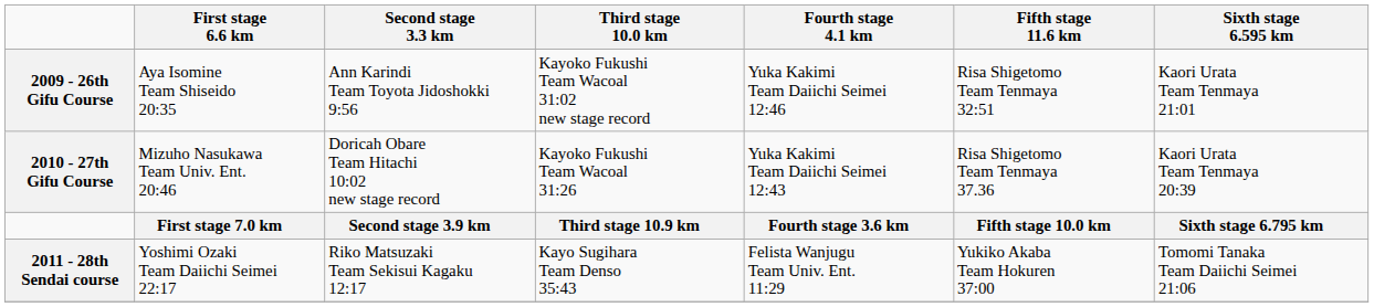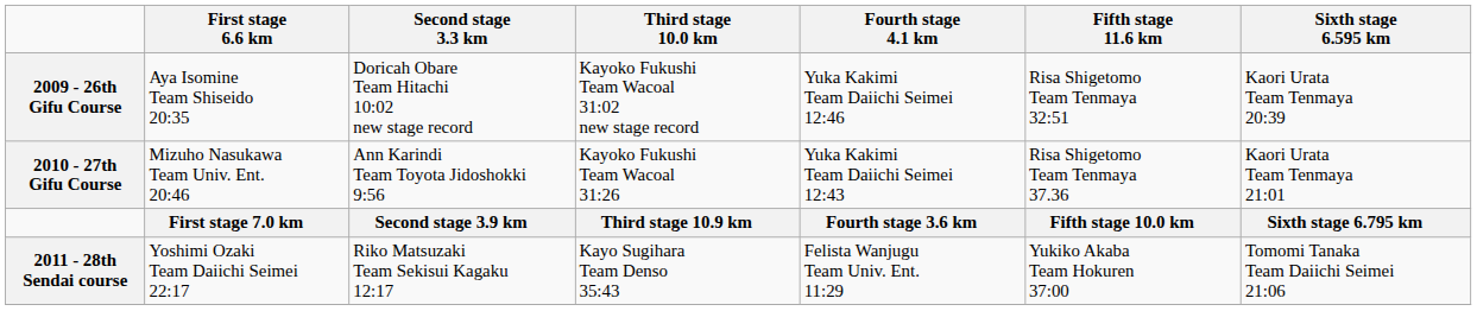 <table class="wikitable" style="text-align:left; width:105%; align:top;">
 <tr>
 <td></td>
 <th scope="col">First stage<br>6.6 km</th>
 <th scope="col">Second stage<br>3.3 km</th>
 <th scope="col">Third stage<br>10.0 km</th>
 <th scope="col">Fourth stage<br>4.1 km</th>
 <th scope="col">Fifth stage<br>11.6 km</th>
 <th scope="col">Sixth stage<br>6.595 km</th>
 </tr>
 <tr>
 <th scope="row">2009 - 26th<br>Gifu Course</th>
 <td>Aya Isomine<br>Team Shiseido<br>20:35</td>
-<td>Ann Karindi<br>Team Toyota Jidoshokki<br>9:56</td>
+<td>Doricah Obare<br>Team Hitachi<br>10:02<br>new stage record</td>
 <td>Kayoko Fukushi<br>Team Wacoal<br>31:02<br>new stage record</td>
 <td>Yuka Kakimi<br>Team Daiichi Seimei<br>12:46</td>
 <td>Risa Shigetomo<br>Team Tenmaya<br>32:51</td>
-<td>Kaori Urata<br>Team Tenmaya<br>21:01</td>
+<td>Kaori Urata<br>Team Tenmaya<br>20:39</td>
 </tr>
 <tr>
 <th scope="row">2010 - 27th<br>Gifu Course</th>
 <td>Mizuho Nasukawa<br>Team Univ. Ent.<br>20:46</td>
-<td>Doricah Obare<br>Team Hitachi<br>10:02<br>new stage record</td>
+<td>Ann Karindi<br>Team Toyota Jidoshokki<br>9:56</td>
 <td>Kayoko Fukushi<br>Team Wacoal<br>31:26</td>
 <td>Yuka Kakimi<br>Team Daiichi Seimei<br>12:43</td>
 <td>Risa Shigetomo<br>Team Tenmaya<br>37.36</td>
-<td>Kaori Urata<br>Team Tenmaya<br>20:39</td>
+<td>Kaori Urata<br>Team Tenmaya<br>21:01</td>
 </tr>
 <tr>
 <td></td>
 <th scope="col">First stage 7.0 km     </th>
 <th scope="col">Second stage 3.9 km     </th>
 <th scope="col">Third stage 10.9 km     </th>
 <th scope="col">Fourth stage 3.6 km     </th>
 <th scope="col">Fifth stage 10.0 km     </th>
 <th scope="col">Sixth stage 6.795 km     </th>
 </tr>
 <tr>
 <th scope="row">2011 - 28th<br>Sendai course</th>
 <td>Yoshimi Ozaki<br>Team Daiichi Seimei<br>22:17</td>
 <td>Riko Matsuzaki<br>Team Sekisui Kagaku<br>12:17</td>
 <td>Kayo Sugihara<br>Team Denso<br>35:43</td>
 <td>Felista Wanjugu<br>Team Univ. Ent.<br>11:29</td>
 <td>Yukiko Akaba<br>Team Hokuren<br>37:00</td>
 <td>Tomomi Tanaka<br>Team Daiichi Seimei<br> 21:06</td>
 </tr>
 <tr>
 </tr>
 </table>
